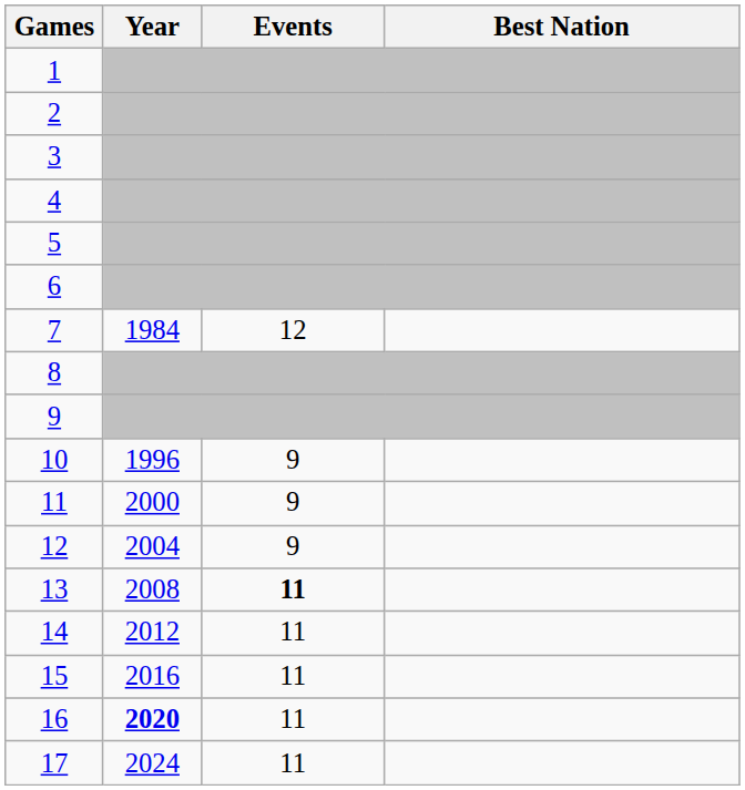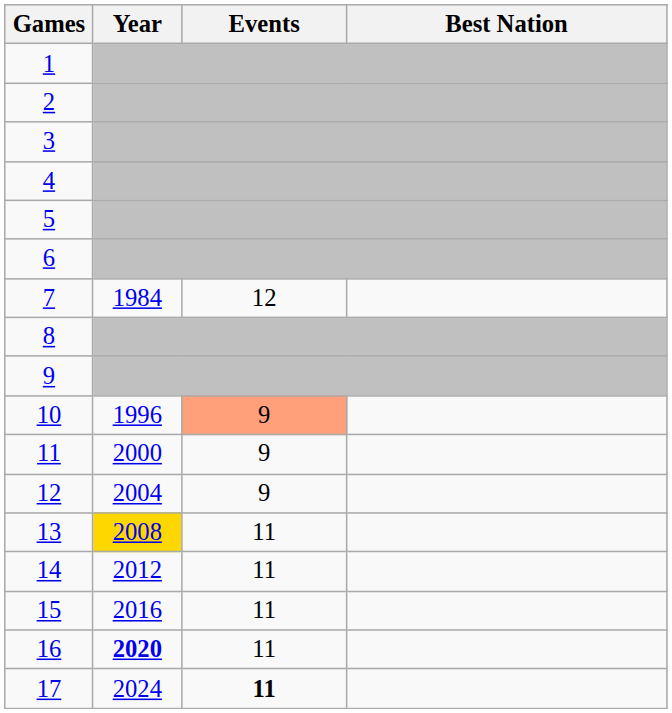 <table class=wikitable>
 <tr>
 <th width=50>Games</th>
 <th width=50>Year</th>
 <th width=100>Events</th>
 <th width=200>Best Nation</th>
 </tr>
 <tr>
 <td align=center><a href='#'>1</a></td>
 <td colspan=4 bgcolor=silver></td>
 </tr>
 <tr>
 <td align=center><a href='#'>2</a></td>
 <td colspan=4 bgcolor=silver></td>
 </tr>
 <tr>
 <td align=center><a href='#'>3</a></td>
 <td colspan=4 bgcolor=silver></td>
 </tr>
 <tr>
 <td align=center><a href='#'>4</a></td>
 <td colspan=4 bgcolor=silver></td>
 </tr>
 <tr>
 <td align=center><a href='#'>5</a></td>
 <td colspan=4 bgcolor=silver></td>
 </tr>
 <tr>
 <td align=center><a href='#'>6</a></td>
 <td colspan=4 bgcolor=silver></td>
 </tr>
 <tr>
 <td align=center><a href='#'>7</a></td>
 <td align=center><a href='#'>1984</a></td>
 <td align=center>12</td>
 <td></td>
 </tr>
 <tr>
 <td align=center><a href='#'>8</a></td>
 <td colspan=4 bgcolor=silver></td>
 </tr>
 <tr>
 <td align=center><a href='#'>9</a></td>
 <td colspan=4 bgcolor=silver></td>
 </tr>
 <tr>
 <td align=center><a href='#'>10</a></td>
 <td align=center><a href='#'>1996</a></td>
-<td align=center>9</td>
+<td align=center style="background: lightsalmon;">9</td>
 <td></td>
 </tr>
 <tr>
 <td align=center><a href='#'>11</a></td>
 <td align=center><a href='#'>2000</a></td>
 <td align=center>9</td>
 <td></td>
 </tr>
 <tr>
 <td align=center><a href='#'>12</a></td>
 <td align=center><a href='#'>2004</a></td>
 <td align=center>9</td>
 <td></td>
 </tr>
 <tr>
 <td align=center><a href='#'>13</a></td>
-<td align=center><a href='#'>2008</a></td>
-<td align=center><strong>11</strong></td>
+<td align=center style="background: gold;"><a href='#'>2008</a></td>
+<td align=center>11</td>
 <td></td>
 </tr>
 <tr>
 <td align=center><a href='#'>14</a></td>
 <td align=center><a href='#'>2012</a></td>
 <td align=center>11</td>
 <td></td>
 </tr>
 <tr>
 <td align=center><a href='#'>15</a></td>
 <td align=center><a href='#'>2016</a></td>
 <td align=center>11</td>
 <td></td>
 </tr>
 <tr>
 <td align=center><a href='#'>16</a></td>
 <td align=center><strong><a href='#'>2020</a></strong></td>
 <td align=center>11</td>
 <td></td>
 </tr>
 <tr>
 <td align=center><a href='#'>17</a></td>
 <td align=center><a href='#'>2024</a></td>
-<td align=center>11</td>
+<td align=center><strong>11</strong></td>
 <td></td>
 </tr>
 </table>
